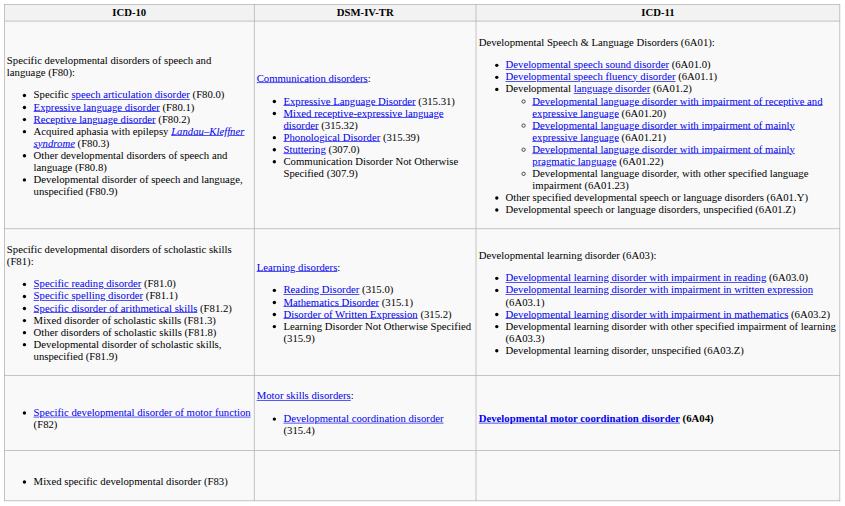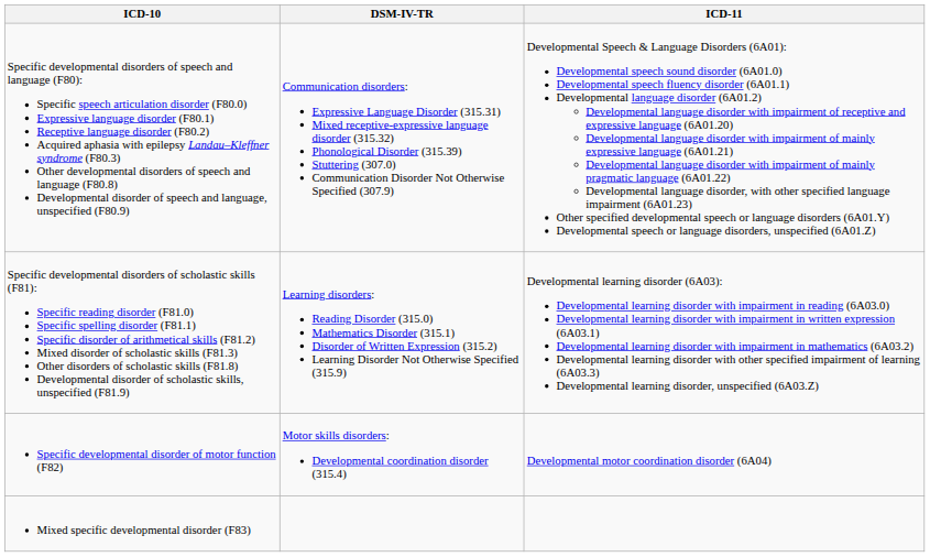 <table class="wikitable">
 <tr>
 <th>ICD-10</th>
 <th>DSM-IV-TR</th>
 <th>ICD-11</th>
 </tr>
 <tr>
 <td><br>Specific developmental disorders of speech and language (F80):<ul><li>Specific <a href='#'>speech articulation disorder</a> (F80.0)</li><li><a href='#'>Expressive language disorder</a> (F80.1)</li><li><a href='#'>Receptive language disorder</a> (F80.2)</li><li>Acquired aphasia with epilepsy <em><a href='#'>Landau–Kleffner syndrome</a></em> (F80.3)</li><li>Other developmental disorders of speech and language (F80.8)</li><li>Developmental disorder of speech and language, unspecified (F80.9)</li></ul></td>
 <td><br><a href='#'>Communication disorders</a>:<ul><li><a href='#'>Expressive Language Disorder</a> (315.31)</li><li><a href='#'>Mixed receptive-expressive language disorder</a> (315.32)</li><li><a href='#'>Phonological Disorder</a> (315.39)</li><li><a href='#'>Stuttering</a> (307.0)</li><li>Communication Disorder Not Otherwise Specified (307.9)</li></ul></td>
 <td><br>Developmental Speech & Language Disorders (6A01):<ul><li><a href='#'>Developmental speech sound disorder</a> (6A01.0)</li><li><a href='#'>Developmental speech fluency disorder</a> (6A01.1)</li><li>Developmental <a href='#'>language disorder</a> (6A01.2)<ul><li><a href='#'>Developmental language disorder with impairment of receptive and expressive language</a> (6A01.20)</li><li><a href='#'>Developmental language disorder with impairment of mainly expressive language</a> (6A01.21)</li><li><a href='#'>Developmental language disorder with impairment of mainly pragmatic language</a> (6A01.22)</li><li>Developmental language disorder, with other specified language impairment (6A01.23)</li></ul></li><li>Other specified developmental speech or language disorders (6A01.Y)</li><li>Developmental speech or language disorders, unspecified (6A01.Z)</li></ul></td>
 </tr>
 <tr>
 <td><br>Specific developmental disorders of scholastic skills (F81):<ul><li><a href='#'>Specific reading disorder</a> (F81.0)</li><li><a href='#'>Specific spelling disorder</a> (F81.1)</li><li><a href='#'>Specific disorder of arithmetical skills</a> (F81.2)</li><li>Mixed disorder of scholastic skills (F81.3)</li><li>Other disorders of scholastic skills (F81.8)</li><li>Developmental disorder of scholastic skills, unspecified (F81.9)</li></ul></td>
 <td><br><a href='#'>Learning disorders</a>:<ul><li><a href='#'>Reading Disorder</a> (315.0)</li><li><a href='#'>Mathematics Disorder</a> (315.1)</li><li><a href='#'>Disorder of Written Expression</a> (315.2)</li><li>Learning Disorder Not Otherwise Specified (315.9)</li></ul></td>
 <td><br>Developmental learning disorder (6A03):<ul><li><a href='#'>Developmental learning disorder with impairment in reading</a> (6A03.0)</li><li><a href='#'>Developmental learning disorder with impairment in written expression</a> (6A03.1)</li><li><a href='#'>Developmental learning disorder with impairment in mathematics</a> (6A03.2)</li><li>Developmental learning disorder with other specified impairment of learning  (6A03.3)</li><li>Developmental learning disorder, unspecified (6A03.Z)</li></ul></td>
 </tr>
 <tr>
 <td><br><ul><li><a href='#'>Specific developmental disorder of motor function</a> (F82)</li></ul></td>
 <td><br><a href='#'>Motor skills disorders</a>:<ul><li><a href='#'>Developmental coordination disorder</a> (315.4)</li></ul></td>
-<td><strong><br><a href='#'>Developmental motor coordination disorder</a> (6A04)</strong></td>
+<td><br><a href='#'>Developmental motor coordination disorder</a> (6A04)</td>
 </tr>
 <tr>
 <td><br><ul><li>Mixed specific developmental disorder (F83)</li></ul></td>
 <td></td>
 </tr>
 </table>
